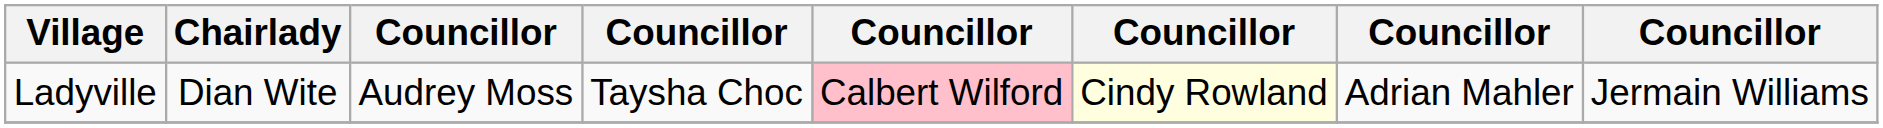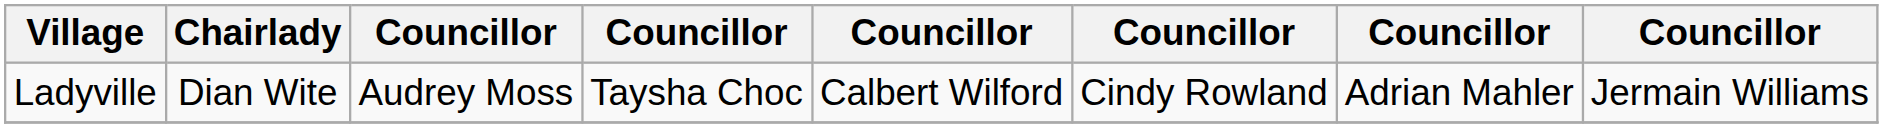 <table class=wikitable>
 <tr>
 <th>Village</th>
 <th>Chairlady</th>
 <th>Councillor</th>
 <th>Councillor</th>
 <th>Councillor</th>
 <th>Councillor</th>
 <th>Councillor</th>
 <th>Councillor</th>
 </tr>
 <tr>
 <td>Ladyville</td>
 <td align="center">Dian Wite</td>
 <td align="center">Audrey Moss</td>
 <td align="center">Taysha Choc</td>
-<td align="center" style="background: pink;">Calbert Wilford</td>
-<td align="center" style="background: lightyellow;">Cindy Rowland</td>
+<td align="center">Calbert Wilford</td>
+<td align="center">Cindy Rowland</td>
 <td align="center">Adrian Mahler</td>
 <td align="center">Jermain Williams</td>
 </tr>
 <tr>
 </tr>
 </table>
